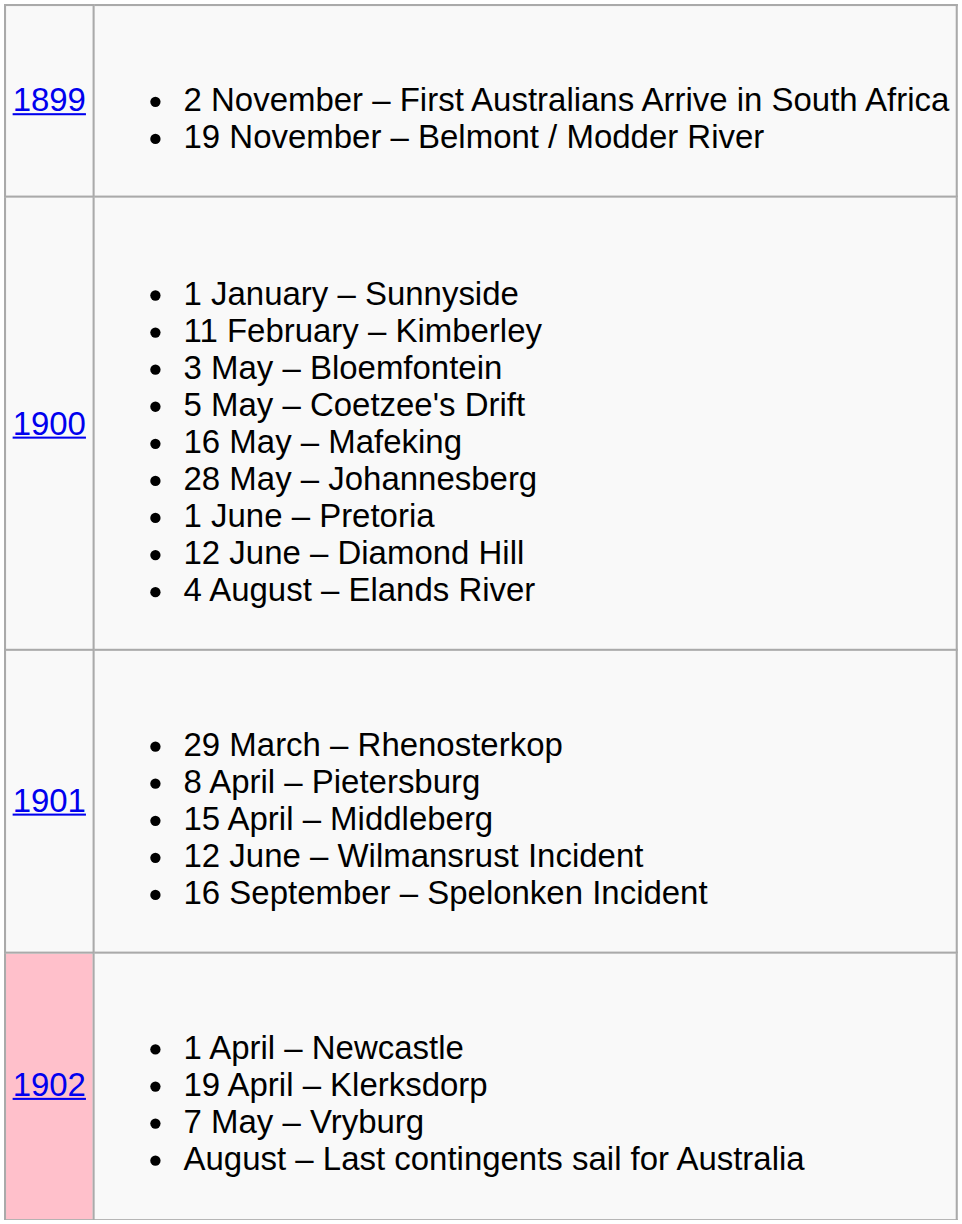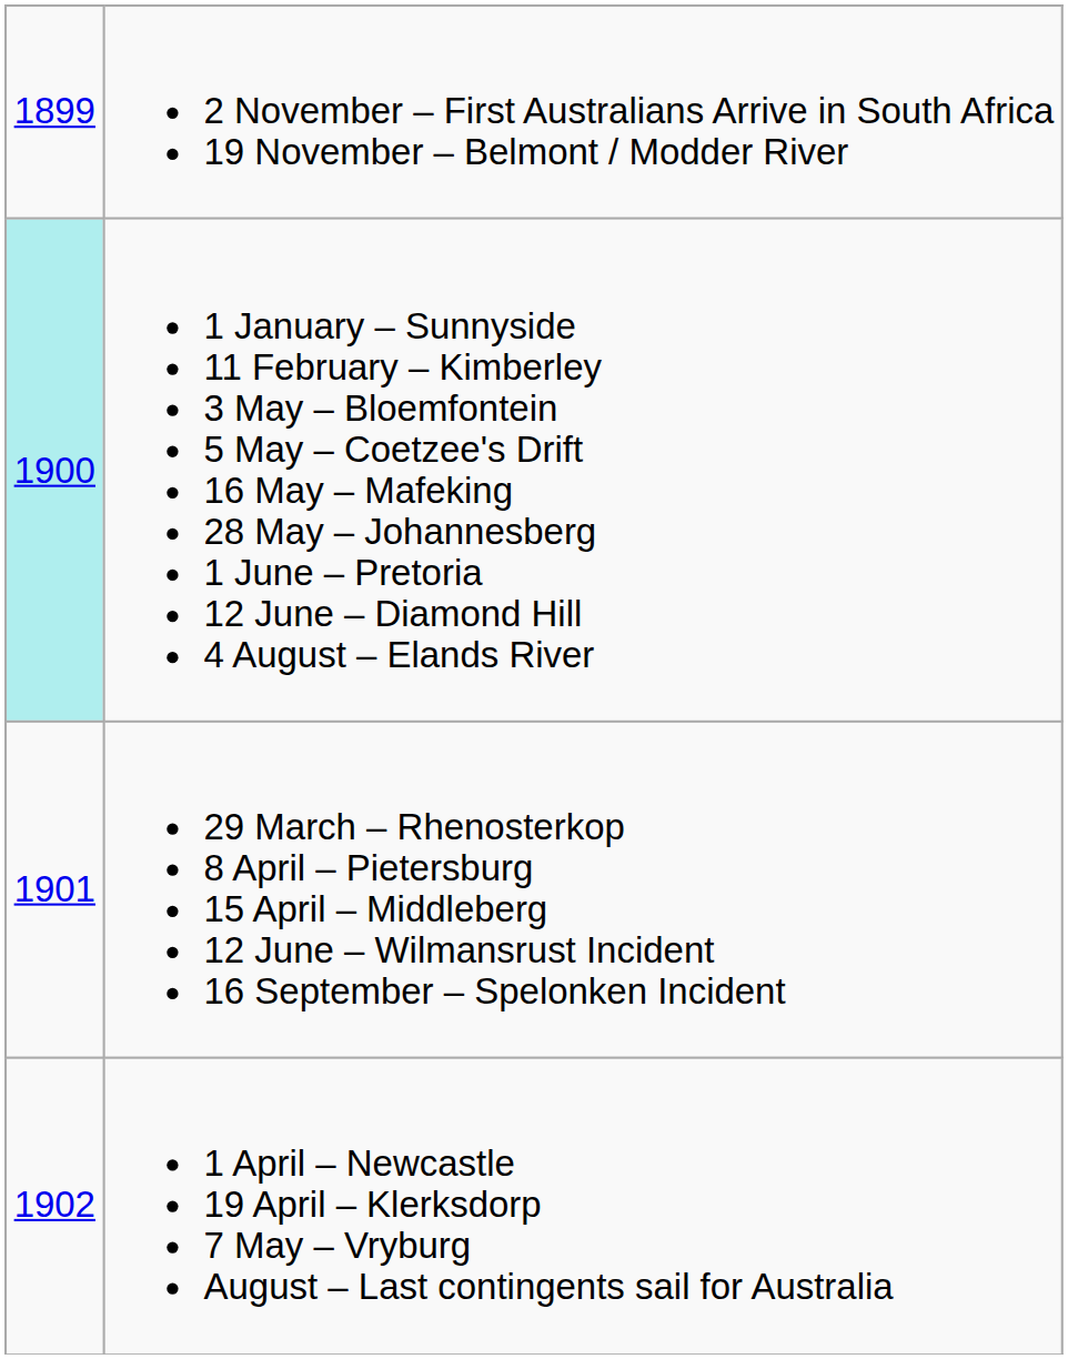 <table class="wikitable">
 <tr>
 <td><a href='#'>1899</a></td>
 <td><br><ul><li>2 November –  First Australians Arrive in South Africa</li><li>19 November  – Belmont / Modder River</li></ul></td>
 </tr>
 <tr>
-<td><a href='#'>1900</a></td>
+<td style="background: paleturquoise;"><a href='#'>1900</a></td>
 <td><br><ul><li>1 January – Sunnyside</li><li>11 February –  Kimberley</li><li>3 May –          Bloemfontein</li><li>5 May –          Coetzee's Drift</li><li>16 May –  Mafeking</li><li>28 May –  Johannesberg</li><li>1 June –          Pretoria</li><li>12 June – Diamond Hill</li><li>4 August –  Elands River</li></ul></td>
 </tr>
 <tr>
 <td><a href='#'>1901</a></td>
 <td><br><ul><li>29 March –  Rhenosterkop</li><li>8 April –         Pietersburg</li><li>15 April –  Middleberg</li><li>12 June –  Wilmansrust Incident</li><li>16 September –  Spelonken Incident</li></ul></td>
 </tr>
 <tr>
-<td style="background: pink;"><a href='#'>1902</a></td>
+<td><a href='#'>1902</a></td>
 <td><br><ul><li>1 April –          Newcastle</li><li>19 April –  Klerksdorp</li><li>7 May –          Vryburg</li><li>August –         Last contingents sail for Australia</li></ul></td>
 </tr>
 <tr>
 </tr>
 </table>
